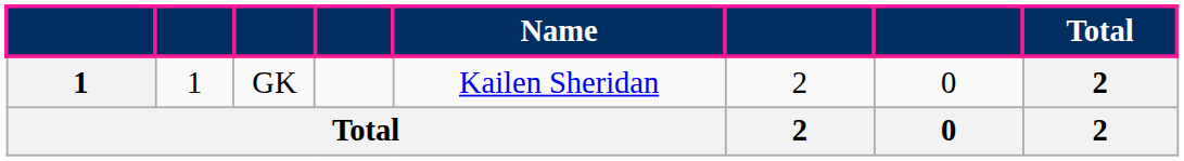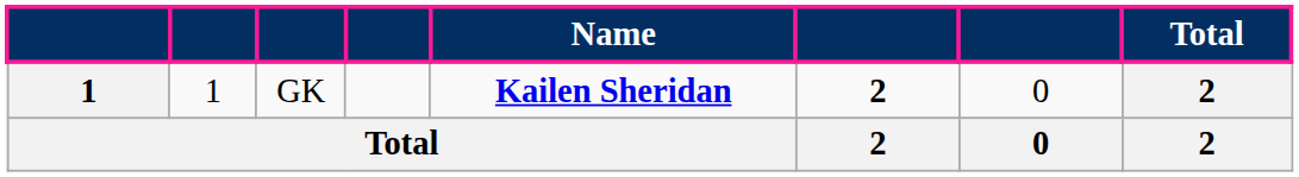 <table class="wikitable sortable" style="text-align:center;">
 <tr>
 <th style="background:#032E62; color:white; border:2px solid #FC1896; width:75px;" scope="col"></th>
 <th style="background:#032E62; color:white; border:2px solid #FC1896; width:35px;" scope="col"></th>
 <th style="background:#032E62; color:white; border:2px solid #FC1896; width:35px;" scope="col"></th>
 <th style="background:#032E62; color:white; border:2px solid #FC1896; width:35px;" scope="col"></th>
 <th style="background:#032E62; color:white; border:2px solid #FC1896; width:175px;" scope="col">Name</th>
 <th style="background:#032E62; color:white; border:2px solid #FC1896; width:75px;" scope="col"></th>
 <th style="background:#032E62; color:white; border:2px solid #FC1896; width:75px;" scope="col"></th>
 <th style="background:#032E62; color:white; border:2px solid #FC1896; width:75px;" scope="col">Total</th>
 </tr>
 <tr>
 <th scope="row">1</th>
 <td>1</td>
 <td>GK</td>
 <td></td>
-<td><a href='#'>Kailen Sheridan</a></td>
-<td>2</td>
+<td><strong><a href='#'>Kailen Sheridan</a></strong></td>
+<td><strong>2</strong></td>
 <td>0</td>
 <th>2</th>
 </tr>
 <tr>
 <th colspan="5">Total</th>
 <th>2</th>
 <th>0</th>
 <th>2</th>
 </tr>
 </table>
